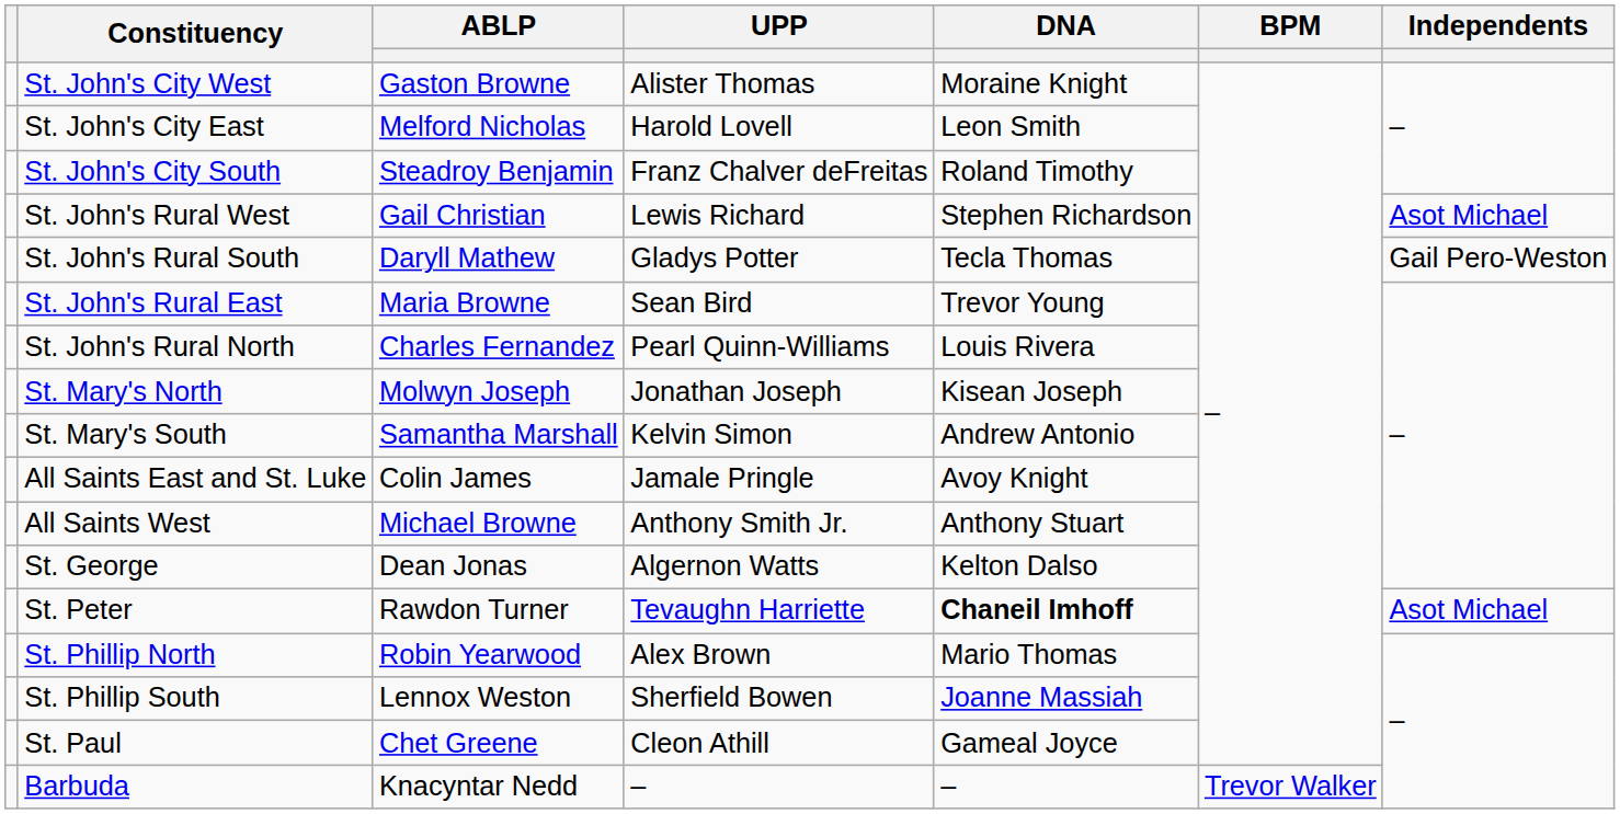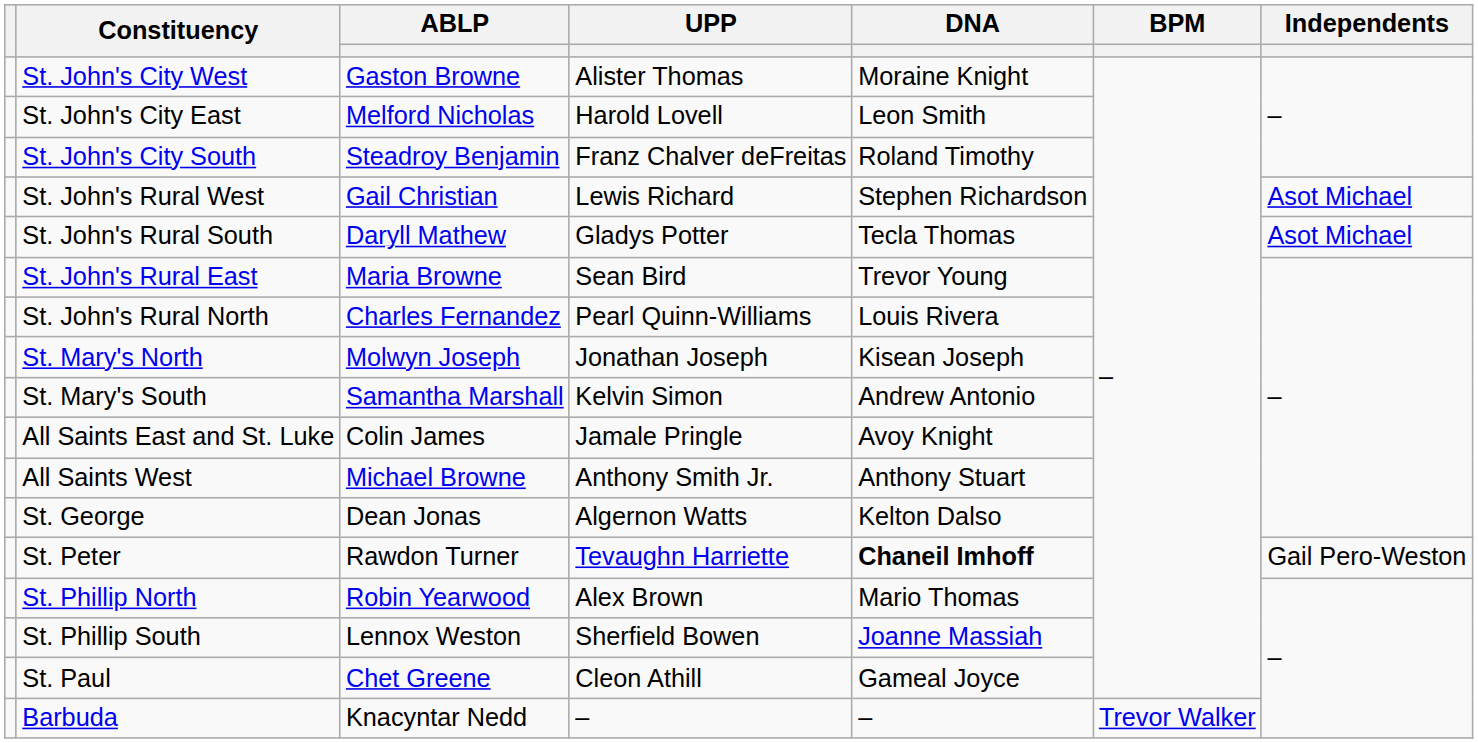 <table class="wikitable">
 <tr>
 <th rowspan="2"></th>
 <th rowspan="2">Constituency</th>
 <th>ABLP</th>
 <th>UPP</th>
 <th>DNA</th>
 <th>BPM</th>
 <th>Independents</th>
 </tr>
 <tr>
 <th style="background:"></th>
 <th style="background:"></th>
 <th style="background:"></th>
 <th style="background:"></th>
 <th style="background:"></th>
 </tr>
 <tr>
 <td></td>
 <td><a href='#'>St. John's City West</a></td>
 <td><a href='#'>Gaston Browne</a></td>
 <td>Alister Thomas</td>
 <td>Moraine Knight</td>
 <td rowspan="16">–</td>
 <td rowspan="3">–</td>
 </tr>
 <tr>
 <td></td>
 <td>St. John's City East</td>
 <td><a href='#'>Melford Nicholas</a></td>
 <td>Harold Lovell</td>
 <td>Leon Smith</td>
 </tr>
 <tr>
 <td></td>
 <td><a href='#'>St. John's City South</a></td>
 <td><a href='#'>Steadroy Benjamin</a></td>
 <td>Franz Chalver deFreitas</td>
 <td>Roland Timothy</td>
 </tr>
 <tr>
 <td></td>
 <td>St. John's Rural West</td>
 <td><a href='#'>Gail Christian</a></td>
 <td>Lewis Richard</td>
 <td>Stephen Richardson</td>
 <td><a href='#'>Asot Michael</a></td>
 </tr>
 <tr>
 <td></td>
 <td>St. John's Rural South</td>
 <td><a href='#'>Daryll Mathew</a></td>
 <td>Gladys Potter</td>
 <td>Tecla Thomas</td>
-<td>Gail Pero-Weston</td>
+<td><a href='#'>Asot Michael</a></td>
 </tr>
 <tr>
 <td></td>
 <td><a href='#'>St. John's Rural East</a></td>
 <td><a href='#'>Maria Browne</a></td>
 <td>Sean Bird</td>
 <td>Trevor Young</td>
 <td rowspan="7">–</td>
 </tr>
 <tr>
 <td></td>
 <td>St. John's Rural North</td>
 <td><a href='#'>Charles Fernandez</a></td>
 <td>Pearl Quinn-Williams</td>
 <td>Louis Rivera</td>
 </tr>
 <tr>
 <td></td>
 <td><a href='#'>St. Mary's North</a></td>
 <td><a href='#'>Molwyn Joseph</a></td>
 <td>Jonathan Joseph</td>
 <td>Kisean Joseph</td>
 </tr>
 <tr>
 <td></td>
 <td>St. Mary's South</td>
 <td><a href='#'>Samantha Marshall</a></td>
 <td>Kelvin Simon</td>
 <td>Andrew Antonio</td>
 </tr>
 <tr>
 <td></td>
 <td>All Saints East and St. Luke</td>
 <td>Colin James</td>
 <td>Jamale Pringle</td>
 <td>Avoy Knight</td>
 </tr>
 <tr>
 <td></td>
 <td>All Saints West</td>
 <td><a href='#'>Michael Browne</a></td>
 <td>Anthony Smith Jr.</td>
 <td>Anthony Stuart</td>
 </tr>
 <tr>
 <td></td>
 <td>St. George</td>
 <td>Dean Jonas</td>
 <td>Algernon Watts</td>
 <td>Kelton Dalso</td>
 </tr>
 <tr>
 <td></td>
 <td>St. Peter</td>
 <td>Rawdon Turner</td>
 <td><a href='#'>Tevaughn Harriette</a></td>
 <td><strong>Chaneil Imhoff</strong></td>
-<td><a href='#'>Asot Michael</a></td>
+<td>Gail Pero-Weston</td>
 </tr>
 <tr>
 <td></td>
 <td><a href='#'>St. Phillip North</a></td>
 <td><a href='#'>Robin Yearwood</a></td>
 <td>Alex Brown</td>
 <td>Mario Thomas</td>
 <td rowspan="4">–</td>
 </tr>
 <tr>
 <td></td>
 <td>St. Phillip South</td>
 <td>Lennox Weston</td>
 <td>Sherfield Bowen</td>
 <td><a href='#'>Joanne Massiah</a></td>
 </tr>
 <tr>
 <td></td>
 <td>St. Paul</td>
 <td><a href='#'>Chet Greene</a></td>
 <td>Cleon Athill</td>
 <td>Gameal Joyce</td>
 </tr>
 <tr>
 <td></td>
 <td><a href='#'>Barbuda</a></td>
 <td>Knacyntar Nedd</td>
 <td>–</td>
 <td>–</td>
 <td><a href='#'>Trevor Walker</a></td>
 </tr>
 </table>
